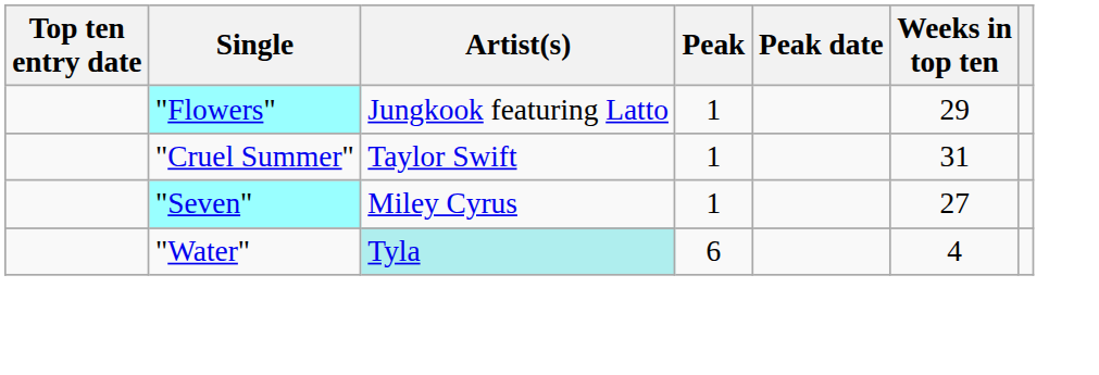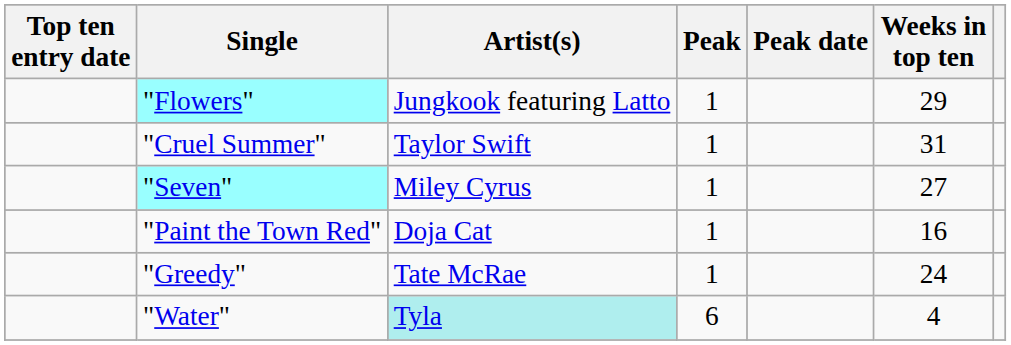 <table class="wikitable sortable">
 <tr>
 <th>Top ten<br>entry date</th>
 <th>Single</th>
 <th>Artist(s)</th>
 <th data-sort-type="number">Peak</th>
 <th>Peak date</th>
 <th data-sort-type="number">Weeks in<br>top ten</th>
 <th></th>
 </tr>
 <tr>
 <td></td>
 <td style= "background:#9ff;">"<a href='#'>Flowers</a>" </td>
 <td><a href='#'>Jungkook</a> featuring <a href='#'>Latto</a></td>
 <td style="text-align:center;">1</td>
 <td></td>
 <td style="text-align:center;">29</td>
 <td style="text-align:center;"></td>
 </tr>
 <tr>
 <td></td>
 <td>"<a href='#'>Cruel Summer</a>"</td>
 <td><a href='#'>Taylor Swift</a></td>
 <td style="text-align:center;">1</td>
 <td></td>
 <td style="text-align:center;">31</td>
 <td style="text-align:center;"> </td>
 </tr>
 <tr>
 <td></td>
 <td style= "background:#9ff;">"<a href='#'>Seven</a>" </td>
 <td><a href='#'>Miley Cyrus</a></td>
 <td style="text-align:center;">1</td>
 <td></td>
 <td style="text-align:center;">27</td>
 <td style="text-align:center;"></td>
 </tr>
 <tr>
 <td></td>
+<td>"<a href='#'>Paint the Town Red</a>"</td>
+<td><a href='#'>Doja Cat</a></td>
+<td style="text-align:center;">1</td>
+<td></td>
+<td style="text-align:center;">16</td>
+<td style="text-align:center;"> </td>
+</tr>
+<tr>
+<td></td>
+<td>"<a href='#'>Greedy</a>"</td>
+<td><a href='#'>Tate McRae</a></td>
+<td style="text-align:center;">1</td>
+<td></td>
+<td style="text-align:center;">24</td>
+<td style="text-align:center;"></td>
+</tr>
+<tr>
+<td></td>
 <td>"<a href='#'>Water</a>"</td>
 <td style="background: paleturquoise;"><a href='#'>Tyla</a></td>
 <td style="text-align:center;">6</td>
 <td></td>
 <td style="text-align:center;">4</td>
 <td style="text-align:center;"> </td>
 </tr>
 </table>
